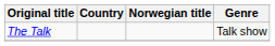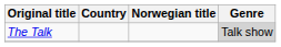 <table class="wikitable">
 <tr>
 <th>Original title</th>
 <th>Country</th>
 <th>Norwegian title</th>
 <th>Genre</th>
 </tr>
 <tr>
 <td><em><a href='#'>The Talk</a></em></td>
 <td></td>
 <td></td>
-<td>Talk show</td>
+<td style="background: lightgrey;">Talk show</td>
 </tr>
 <tr>
 </tr>
 </table>
